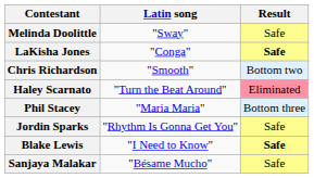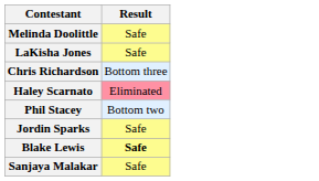 <table class="wikitable unsortable" style="text-align:center;">
 <tr>
 <th scope="col">Contestant</th>
-<th scope="col"><a href='#'>Latin</a> song</th>
 <th scope="col">Result</th>
 </tr>
 <tr>
 <th scope="row">Melinda Doolittle</th>
-<td>"<a href='#'>Sway</a>"</td>
 <td style="background:#FDFC8F">Safe</td>
 </tr>
 <tr>
 <th scope="row">LaKisha Jones</th>
-<td>"<a href='#'>Conga</a>"</td>
-<td style="background:#FDFC8F"><strong>Safe</strong></td>
+<td style="background:#FDFC8F">Safe</td>
 </tr>
 <tr>
 <th scope="row">Chris Richardson</th>
-<td>"<a href='#'>Smooth</a>"</td>
-<td bgcolor="E0F0FF">Bottom two</td>
+<td bgcolor="E0F0FF">Bottom three</td>
 </tr>
 <tr>
 <th scope="row">Haley Scarnato</th>
-<td>"<a href='#'>Turn the Beat Around</a>"</td>
 <td bgcolor="FF91A4">Eliminated</td>
 </tr>
 <tr>
 <th scope="row">Phil Stacey</th>
-<td>"<a href='#'>Maria Maria</a>"</td>
-<td bgcolor="E0F0FF">Bottom three</td>
+<td bgcolor="E0F0FF">Bottom two</td>
 </tr>
 <tr>
 <th scope="row">Jordin Sparks</th>
-<td>"<a href='#'>Rhythm Is Gonna Get You</a>"</td>
 <td style="background:#FDFC8F">Safe</td>
 </tr>
 <tr>
 <th scope="row">Blake Lewis</th>
-<td>"<a href='#'>I Need to Know</a>"</td>
 <td style="background:#FDFC8F"><strong>Safe</strong></td>
 </tr>
 <tr>
 <th scope="row">Sanjaya Malakar</th>
-<td>"<a href='#'>Bésame Mucho</a>"</td>
 <td style="background:#FDFC8F">Safe</td>
 </tr>
 </table>
